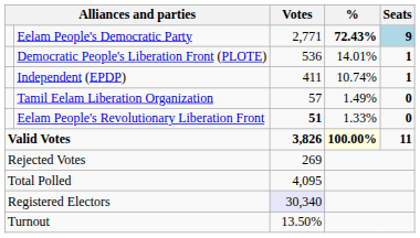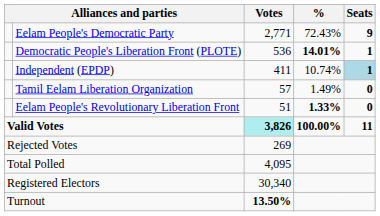 <table class="wikitable" border="1" style="text-align:right;">
 <tr>
 <th valign=bottom align=left colspan=2>Alliances and parties</th>
 <th valign=bottom align=center width="60">Votes</th>
 <th valign=bottom align=center width="50">%</th>
 <th valign=bottom align=center>Seats</th>
 </tr>
 <tr>
 <td bgcolor=> </td>
 <td align=left><a href='#'>Eelam People's Democratic Party</a></td>
 <td>2,771</td>
-<td><strong>72.43%</strong></td>
-<td style="background: lightblue;"><strong>9</strong></td>
+<td>72.43%</td>
+<td><strong>9</strong></td>
 </tr>
 <tr>
 <td bgcolor=> </td>
 <td align=left><a href='#'>Democratic People's Liberation Front</a> (<a href='#'>PLOTE</a>)</td>
 <td>536</td>
-<td>14.01%</td>
+<td><strong>14.01%</strong></td>
 <td><strong>1</strong></td>
 </tr>
 <tr>
 <td bgcolor=> </td>
 <td align=left><a href='#'>Independent</a> (<a href='#'>EPDP</a>)</td>
 <td>411</td>
 <td>10.74%</td>
-<td><strong>1</strong></td>
+<td style="background: lightblue;"><strong>1</strong></td>
 </tr>
 <tr>
 <td bgcolor=> </td>
 <td align=left><a href='#'>Tamil Eelam Liberation Organization</a></td>
 <td>57</td>
 <td>1.49%</td>
 <td><strong>0</strong></td>
 </tr>
 <tr>
 <td bgcolor=> </td>
 <td align=left><a href='#'>Eelam People's Revolutionary Liberation Front</a></td>
-<td><strong>51</strong></td>
-<td>1.33%</td>
+<td>51</td>
+<td><strong>1.33%</strong></td>
 <td><strong>0</strong></td>
 </tr>
 <tr>
 <td colspan=2 align=left><strong>Valid Votes</strong></td>
-<td><strong>3,826</strong></td>
-<td style="background: lightyellow;"><strong>100.00%</strong></td>
+<td style="background: paleturquoise;"><strong>3,826</strong></td>
+<td><strong>100.00%</strong></td>
 <td><strong>11</strong></td>
 </tr>
 <tr>
 <td colspan=2 align=left>Rejected Votes</td>
 <td>269</td>
 <td colspan=2></td>
 </tr>
 <tr>
 <td colspan=2 align=left>Total Polled</td>
 <td>4,095</td>
 <td colspan=2></td>
 </tr>
 <tr>
 <td colspan=2 align=left>Registered Electors</td>
-<td style="background: lavender;">30,340</td>
+<td>30,340</td>
 <td colspan=2></td>
 </tr>
 <tr>
 <td colspan=2 align=left>Turnout</td>
-<td>13.50%</td>
+<td><strong>13.50%</strong></td>
 <td colspan=2></td>
 </tr>
 </table>
